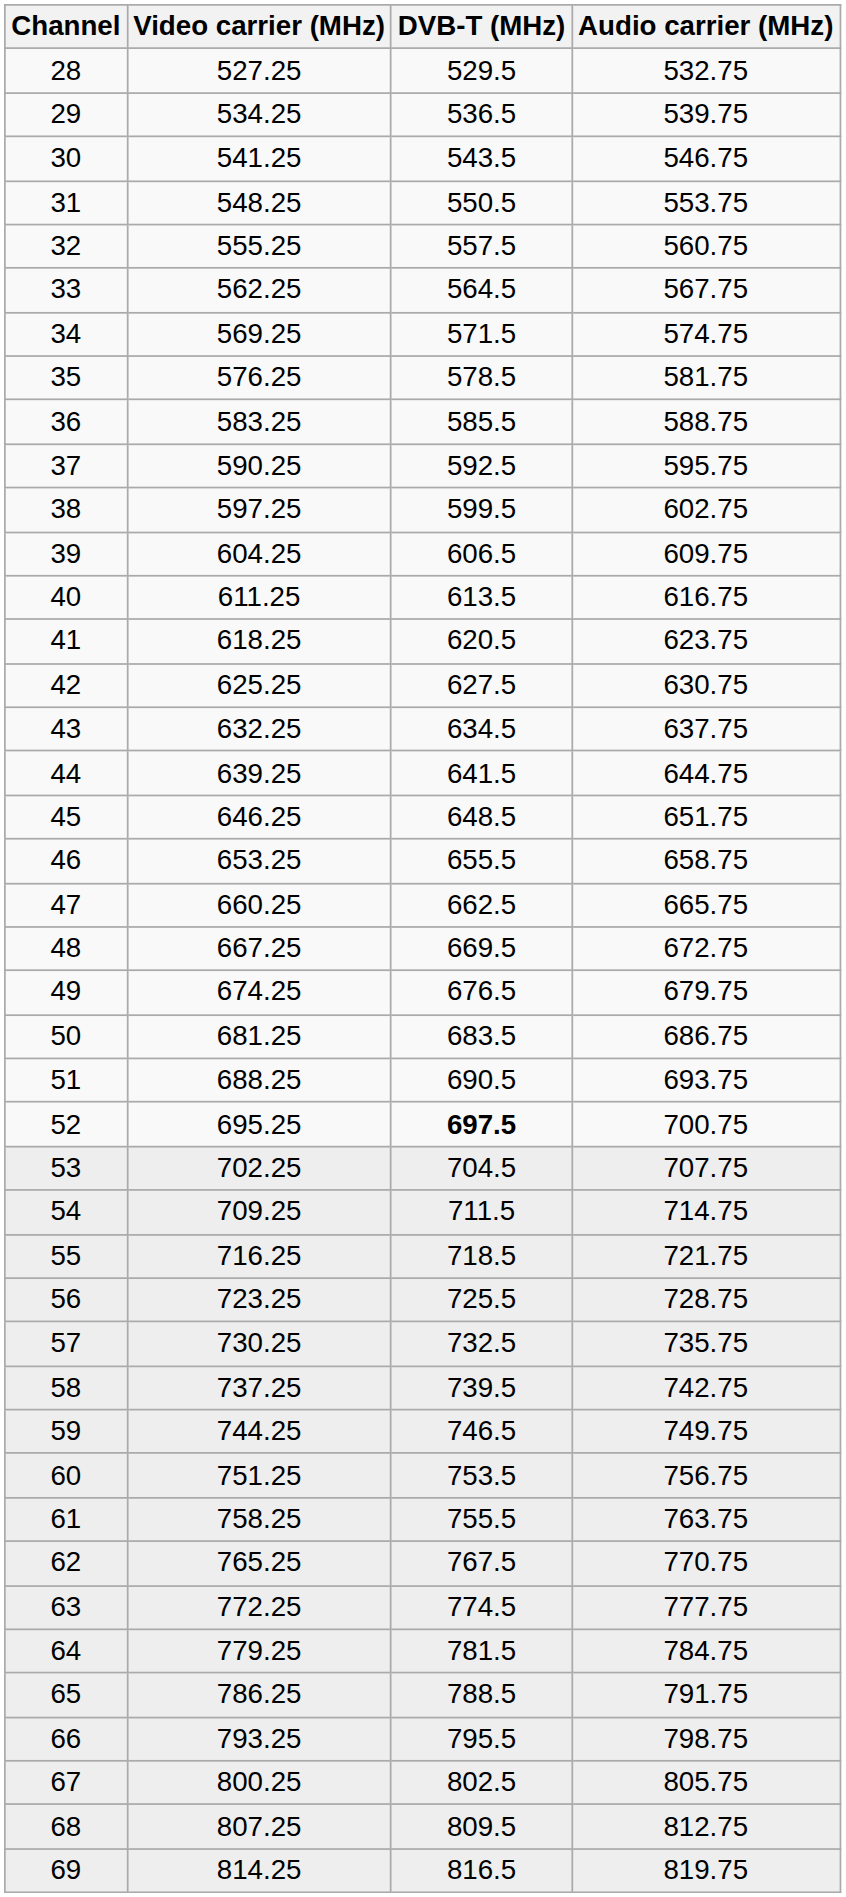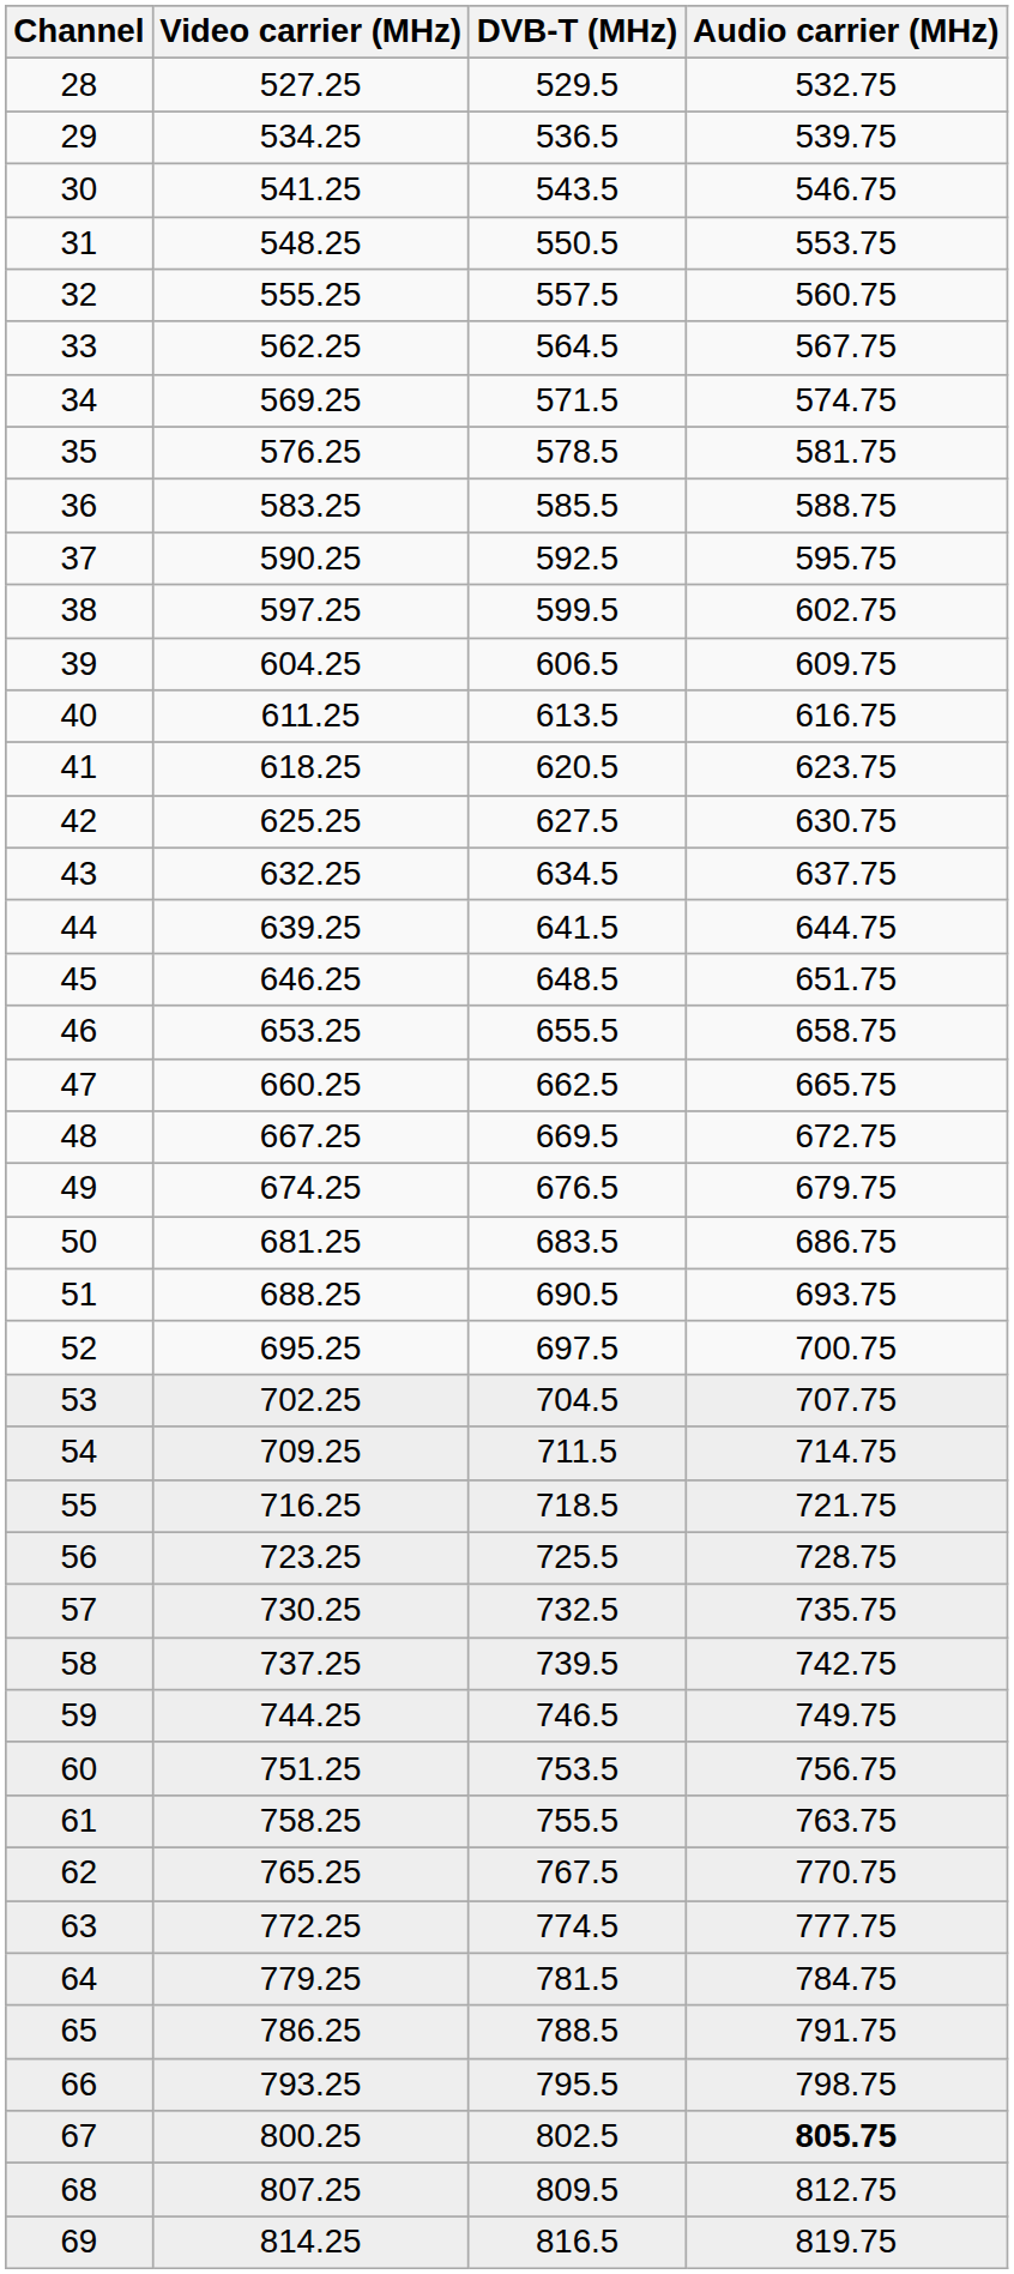 <table class="wikitable" style="text-align: center; border-collapse:collapse">
 <tr>
 <th>Channel</th>
 <th>Video carrier (MHz)</th>
 <th>DVB-T (MHz)</th>
 <th>Audio carrier (MHz)</th>
 </tr>
 <tr>
 <td>28</td>
 <td>527.25</td>
 <td>529.5</td>
 <td>532.75</td>
 </tr>
 <tr>
 <td>29</td>
 <td>534.25</td>
 <td>536.5</td>
 <td>539.75</td>
 </tr>
 <tr>
 <td>30</td>
 <td>541.25</td>
 <td>543.5</td>
 <td>546.75</td>
 </tr>
 <tr>
 <td>31</td>
 <td>548.25</td>
 <td>550.5</td>
 <td>553.75</td>
 </tr>
 <tr>
 <td>32</td>
 <td>555.25</td>
 <td>557.5</td>
 <td>560.75</td>
 </tr>
 <tr>
 <td>33</td>
 <td>562.25</td>
 <td>564.5</td>
 <td>567.75</td>
 </tr>
 <tr>
 <td>34</td>
 <td>569.25</td>
 <td>571.5</td>
 <td>574.75</td>
 </tr>
 <tr>
 <td>35</td>
 <td>576.25</td>
 <td>578.5</td>
 <td>581.75</td>
 </tr>
 <tr>
 <td>36</td>
 <td>583.25</td>
 <td>585.5</td>
 <td>588.75</td>
 </tr>
 <tr>
 <td>37</td>
 <td>590.25</td>
 <td>592.5</td>
 <td>595.75</td>
 </tr>
 <tr>
 <td>38</td>
 <td>597.25</td>
 <td>599.5</td>
 <td>602.75</td>
 </tr>
 <tr>
 <td>39</td>
 <td>604.25</td>
 <td>606.5</td>
 <td>609.75</td>
 </tr>
 <tr>
 <td>40</td>
 <td>611.25</td>
 <td>613.5</td>
 <td>616.75</td>
 </tr>
 <tr>
 <td>41</td>
 <td>618.25</td>
 <td>620.5</td>
 <td>623.75</td>
 </tr>
 <tr>
 <td>42</td>
 <td>625.25</td>
 <td>627.5</td>
 <td>630.75</td>
 </tr>
 <tr>
 <td>43</td>
 <td>632.25</td>
 <td>634.5</td>
 <td>637.75</td>
 </tr>
 <tr>
 <td>44</td>
 <td>639.25</td>
 <td>641.5</td>
 <td>644.75</td>
 </tr>
 <tr>
 <td>45</td>
 <td>646.25</td>
 <td>648.5</td>
 <td>651.75</td>
 </tr>
 <tr>
 <td>46</td>
 <td>653.25</td>
 <td>655.5</td>
 <td>658.75</td>
 </tr>
 <tr>
 <td>47</td>
 <td>660.25</td>
 <td>662.5</td>
 <td>665.75</td>
 </tr>
 <tr>
 <td>48</td>
 <td>667.25</td>
 <td>669.5</td>
 <td>672.75</td>
 </tr>
 <tr>
 <td>49</td>
 <td>674.25</td>
 <td>676.5</td>
 <td>679.75</td>
 </tr>
 <tr>
 <td>50</td>
 <td>681.25</td>
 <td>683.5</td>
 <td>686.75</td>
 </tr>
 <tr>
 <td>51</td>
 <td>688.25</td>
 <td>690.5</td>
 <td>693.75</td>
 </tr>
 <tr>
 <td>52</td>
 <td>695.25</td>
-<td><strong>697.5</strong></td>
+<td>697.5</td>
 <td>700.75</td>
 </tr>
 <tr bgcolor=#EEEEEE>
 <td>53</td>
 <td>702.25</td>
 <td>704.5</td>
 <td>707.75</td>
 </tr>
 <tr bgcolor=#EEEEEE>
 <td>54</td>
 <td>709.25</td>
 <td>711.5</td>
 <td>714.75</td>
 </tr>
 <tr bgcolor=#EEEEEE>
 <td>55</td>
 <td>716.25</td>
 <td>718.5</td>
 <td>721.75</td>
 </tr>
 <tr bgcolor=#EEEEEE>
 <td>56</td>
 <td>723.25</td>
 <td>725.5</td>
 <td>728.75</td>
 </tr>
 <tr bgcolor=#EEEEEE>
 <td>57</td>
 <td>730.25</td>
 <td>732.5</td>
 <td>735.75</td>
 </tr>
 <tr bgcolor=#EEEEEE>
 <td>58</td>
 <td>737.25</td>
 <td>739.5</td>
 <td>742.75</td>
 </tr>
 <tr bgcolor=#EEEEEE>
 <td>59</td>
 <td>744.25</td>
 <td>746.5</td>
 <td>749.75</td>
 </tr>
 <tr bgcolor=#EEEEEE>
 <td>60</td>
 <td>751.25</td>
 <td>753.5</td>
 <td>756.75</td>
 </tr>
 <tr bgcolor=#EEEEEE>
 <td>61</td>
 <td>758.25</td>
 <td>755.5</td>
 <td>763.75</td>
 </tr>
 <tr bgcolor=#EEEEEE>
 <td>62</td>
 <td>765.25</td>
 <td>767.5</td>
 <td>770.75</td>
 </tr>
 <tr bgcolor=#EEEEEE>
 <td>63</td>
 <td>772.25</td>
 <td>774.5</td>
 <td>777.75</td>
 </tr>
 <tr bgcolor=#EEEEEE>
 <td>64</td>
 <td>779.25</td>
 <td>781.5</td>
 <td>784.75</td>
 </tr>
 <tr bgcolor=#EEEEEE>
 <td>65</td>
 <td>786.25</td>
 <td>788.5</td>
 <td>791.75</td>
 </tr>
 <tr bgcolor=#EEEEEE>
 <td>66</td>
 <td>793.25</td>
 <td>795.5</td>
 <td>798.75</td>
 </tr>
 <tr bgcolor=#EEEEEE>
 <td>67</td>
 <td>800.25</td>
 <td>802.5</td>
-<td>805.75</td>
+<td><strong>805.75</strong></td>
 </tr>
 <tr bgcolor=#EEEEEE>
 <td>68</td>
 <td>807.25</td>
 <td>809.5</td>
 <td>812.75</td>
 </tr>
 <tr bgcolor=#EEEEEE>
 <td>69</td>
 <td>814.25</td>
 <td>816.5</td>
 <td>819.75</td>
 </tr>
 </table>
